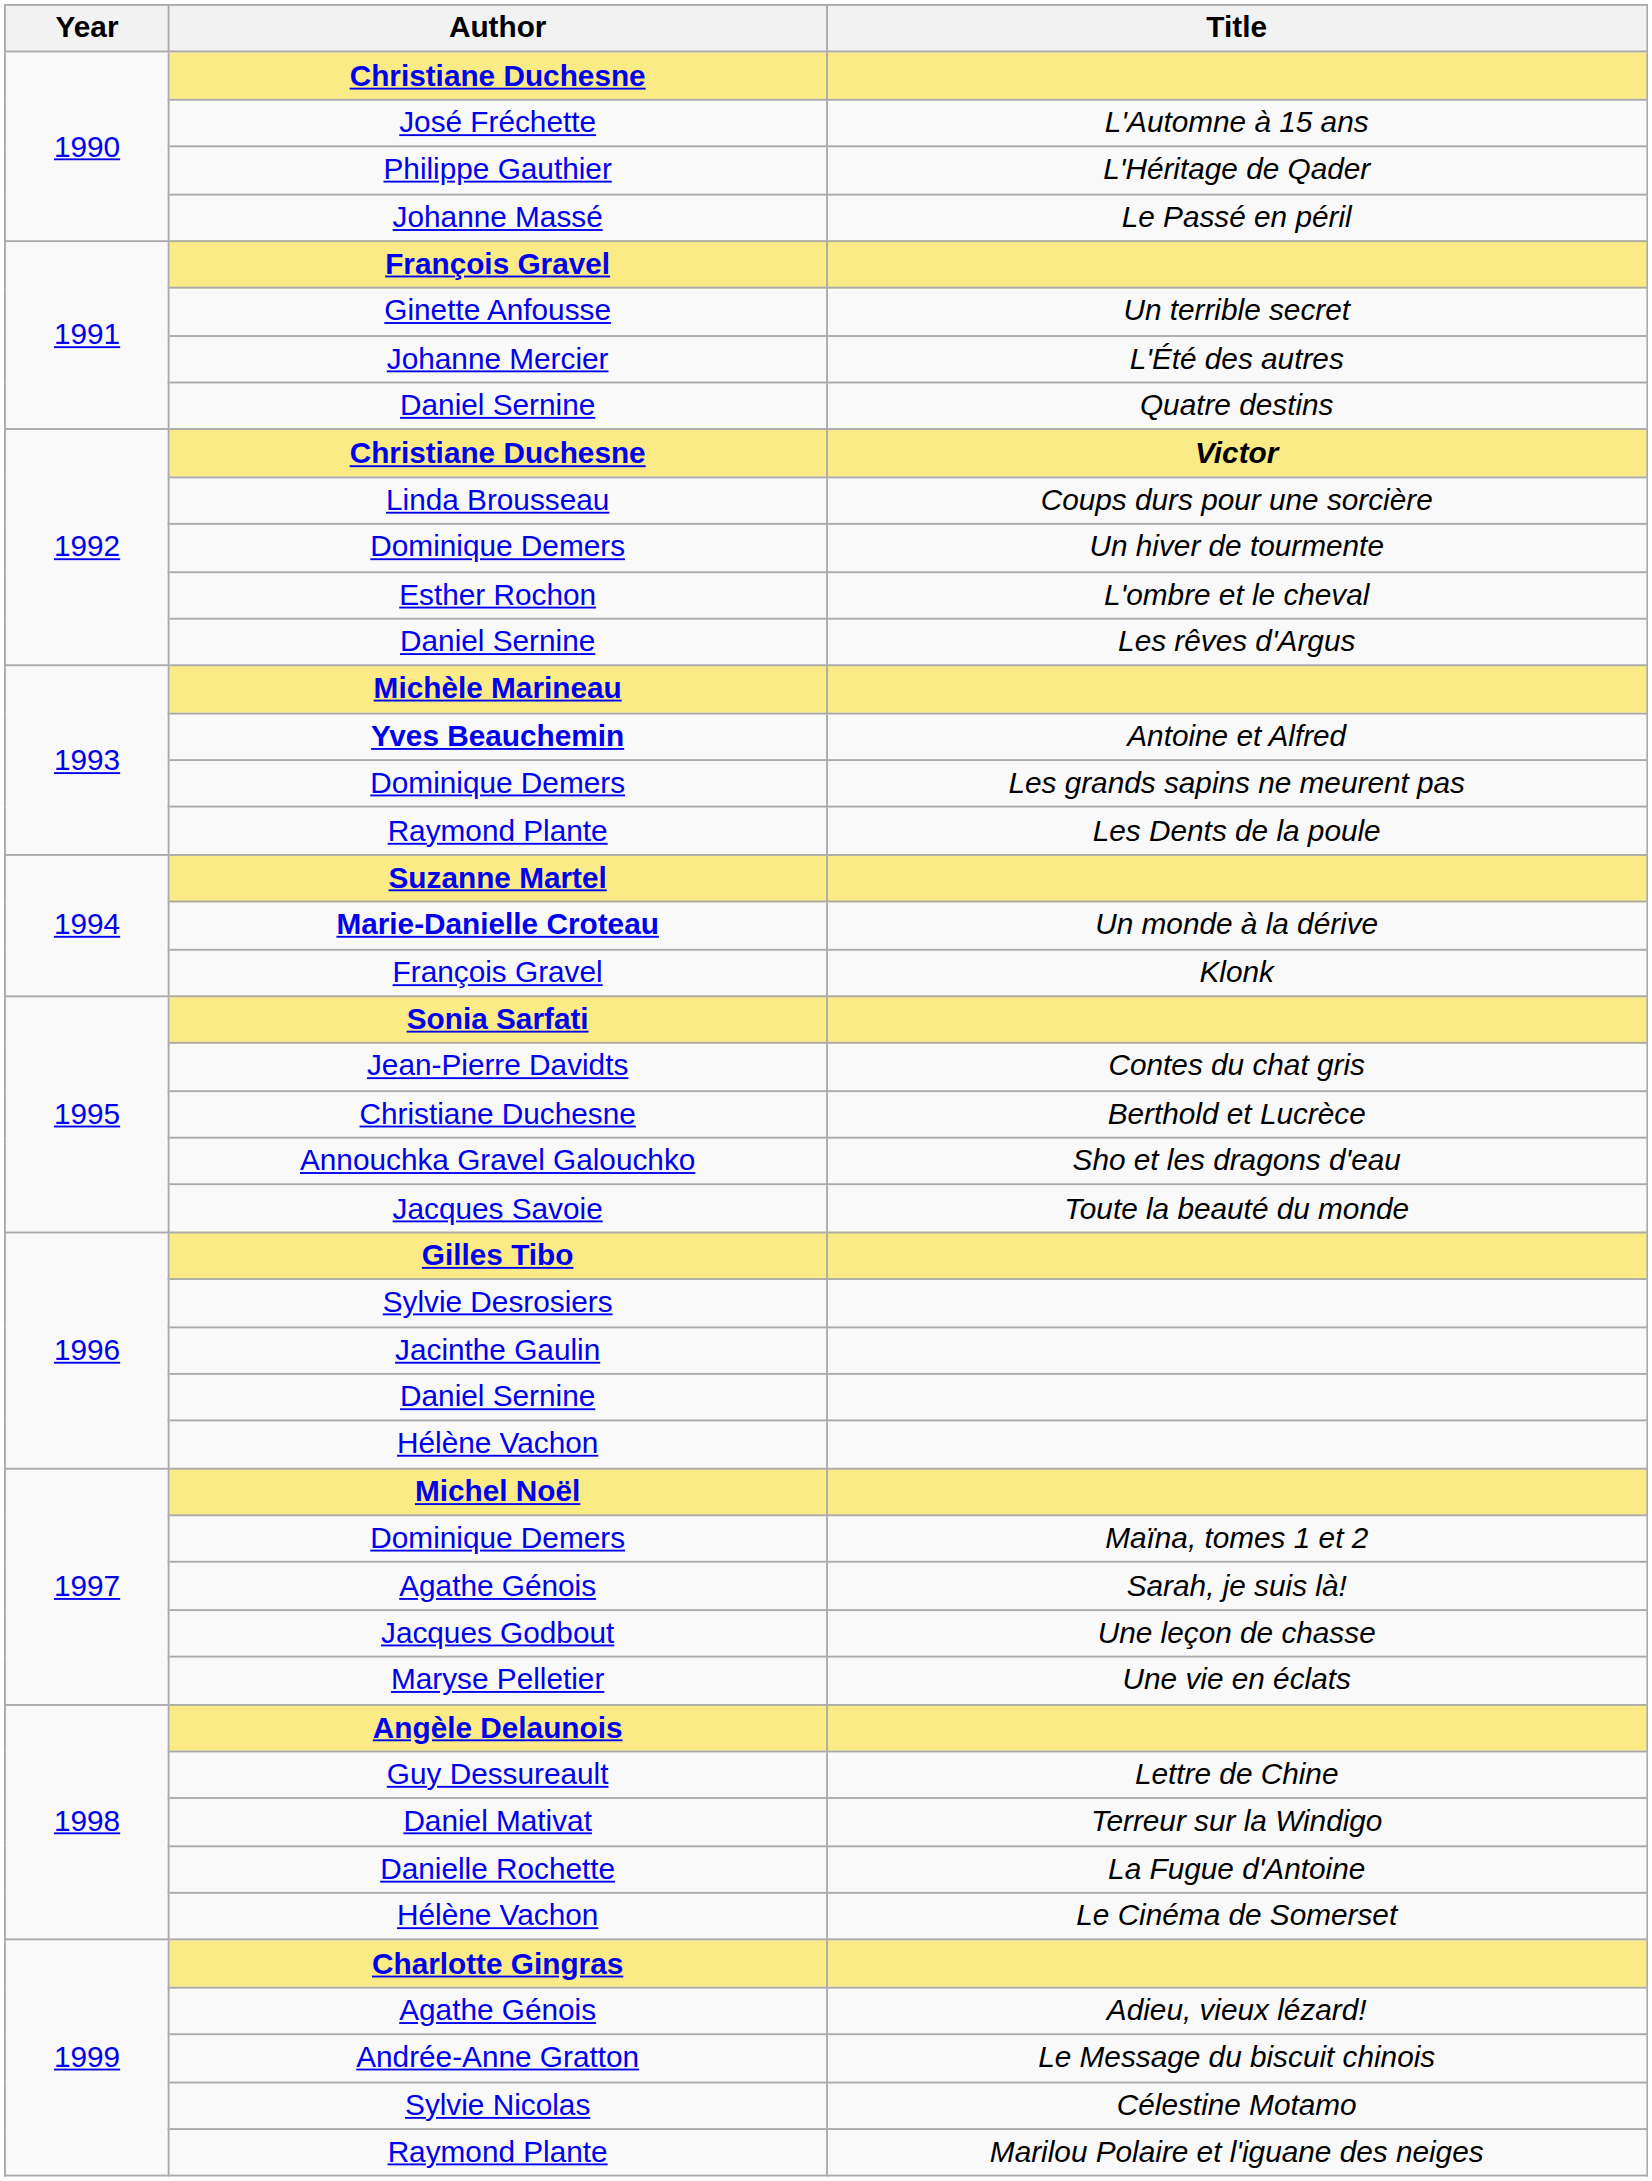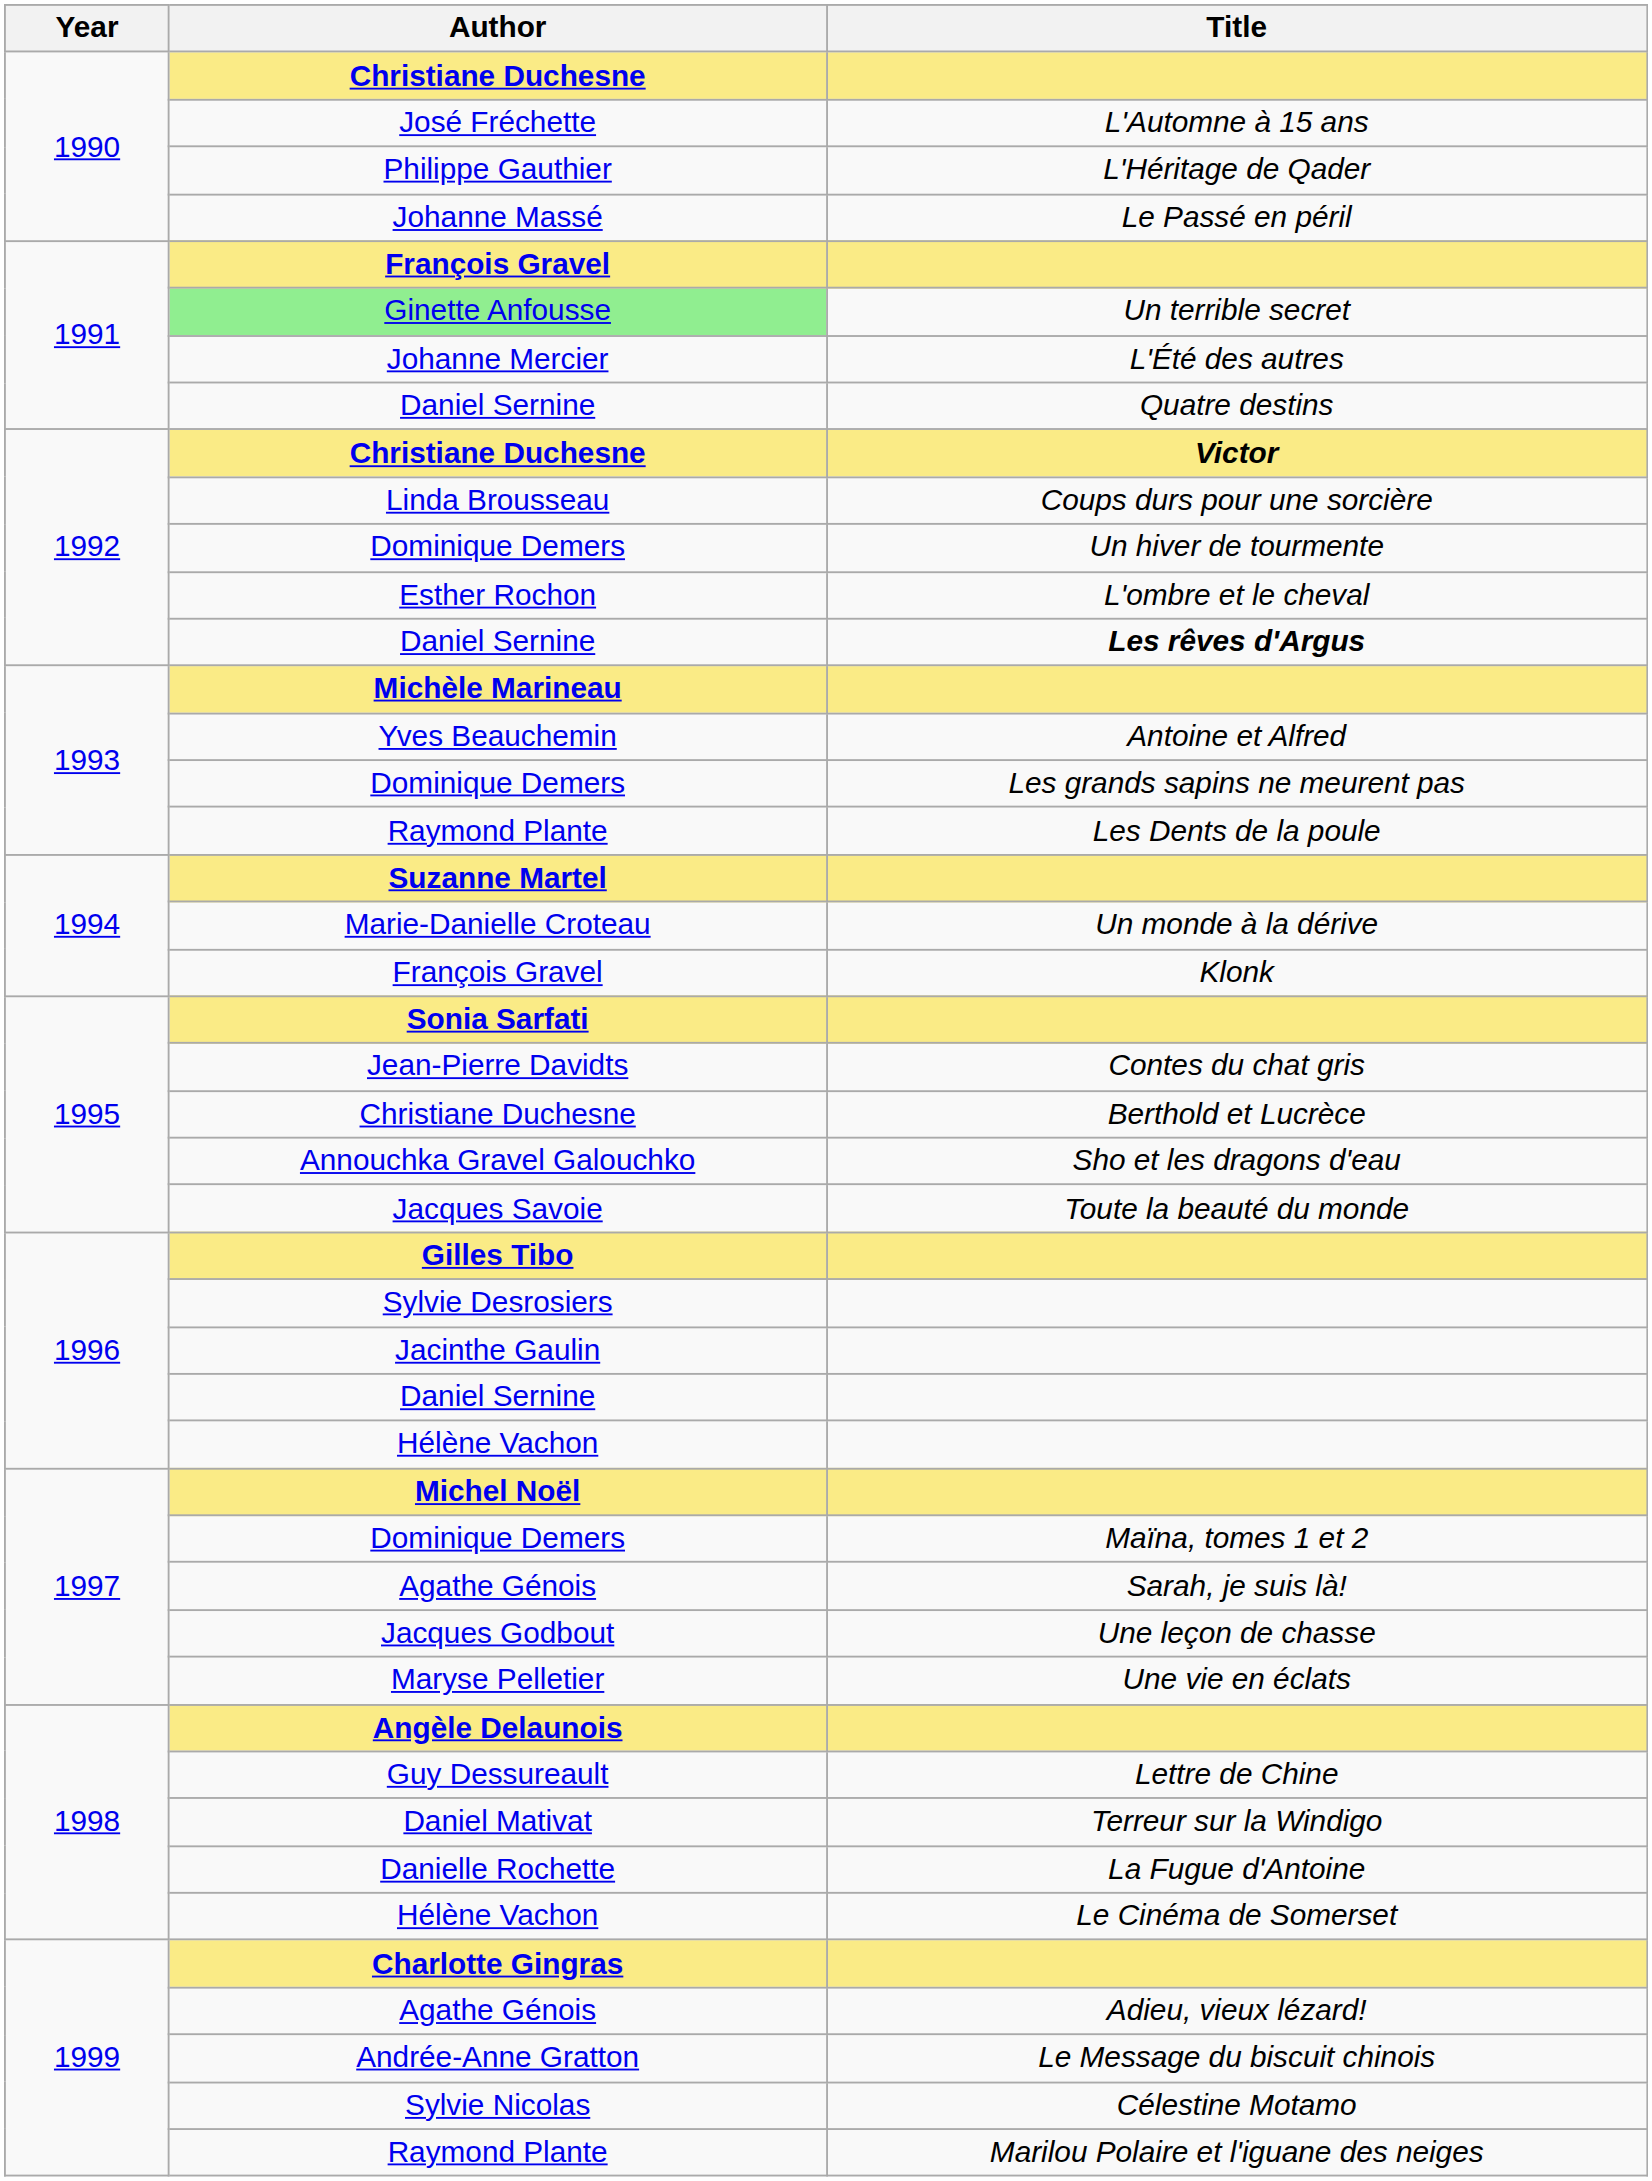 <table class="wikitable" width="100%">
 <tr>
 <th>Year</th>
 <th width="40%">Author</th>
 <th width="50%">Title</th>
 </tr>
 <tr>
 <td align="center" rowspan="4"><a href='#'>1990</a></td>
 <td align="center" style="background:#FAEB86"><strong><a href='#'>Christiane Duchesne</a></strong></td>
 <td align="center" style="background:#FAEB86"><strong><em></em></strong></td>
 </tr>
 <tr>
 <td align="center"><a href='#'>José Fréchette</a></td>
 <td align="center"><em>L'Automne à 15 ans</em></td>
 </tr>
 <tr>
 <td align="center"><a href='#'>Philippe Gauthier</a></td>
 <td align="center"><em>L'Héritage de Qader</em></td>
 </tr>
 <tr>
 <td align="center"><a href='#'>Johanne Massé</a></td>
 <td align="center"><em>Le Passé en péril</em></td>
 </tr>
 <tr>
 <td align="center" rowspan="4"><a href='#'>1991</a></td>
 <td align="center" style="background:#FAEB86"><strong><a href='#'>François Gravel</a></strong></td>
 <td align="center" style="background:#FAEB86"><strong><em></em></strong></td>
 </tr>
 <tr>
-<td align="center"><a href='#'>Ginette Anfousse</a></td>
+<td align="center" style="background: lightgreen;"><a href='#'>Ginette Anfousse</a></td>
 <td align="center"><em>Un terrible secret</em></td>
 </tr>
 <tr>
 <td align="center"><a href='#'>Johanne Mercier</a></td>
 <td align="center"><em>L'Été des autres</em></td>
 </tr>
 <tr>
 <td align="center"><a href='#'>Daniel Sernine</a></td>
 <td align="center"><em>Quatre destins</em></td>
 </tr>
 <tr>
 <td align="center" rowspan="5"><a href='#'>1992</a></td>
 <td align="center" style="background:#FAEB86"><strong><a href='#'>Christiane Duchesne</a></strong></td>
 <td align="center" style="background:#FAEB86"><strong><em>Victor</em></strong></td>
 </tr>
 <tr>
 <td align="center"><a href='#'>Linda Brousseau</a></td>
 <td align="center"><em>Coups durs pour une sorcière</em></td>
 </tr>
 <tr>
 <td align="center"><a href='#'>Dominique Demers</a></td>
 <td align="center"><em>Un hiver de tourmente</em></td>
 </tr>
 <tr>
 <td align="center"><a href='#'>Esther Rochon</a></td>
 <td align="center"><em>L'ombre et le cheval</em></td>
 </tr>
 <tr>
 <td align="center"><a href='#'>Daniel Sernine</a></td>
-<td align="center"><em>Les rêves d'Argus</em></td>
+<td align="center"><strong><em>Les rêves d'Argus</em></strong></td>
 </tr>
 <tr>
 <td align="center" rowspan="4"><a href='#'>1993</a></td>
 <td align="center" style="background:#FAEB86"><strong><a href='#'>Michèle Marineau</a></strong></td>
 <td align="center" style="background:#FAEB86"><strong><em></em></strong></td>
 </tr>
 <tr>
-<td align="center"><strong><a href='#'>Yves Beauchemin</a></strong></td>
+<td align="center"><a href='#'>Yves Beauchemin</a></td>
 <td align="center"><em>Antoine et Alfred</em></td>
 </tr>
 <tr>
 <td align="center"><a href='#'>Dominique Demers</a></td>
 <td align="center"><em>Les grands sapins ne meurent pas</em></td>
 </tr>
 <tr>
 <td align="center"><a href='#'>Raymond Plante</a></td>
 <td align="center"><em>Les Dents de la poule</em></td>
 </tr>
 <tr>
 <td align="center" rowspan="3"><a href='#'>1994</a></td>
 <td align="center" style="background:#FAEB86"><strong><a href='#'>Suzanne Martel</a></strong></td>
 <td align="center" style="background:#FAEB86"><strong><em></em></strong></td>
 </tr>
 <tr>
-<td align="center"><strong><a href='#'>Marie-Danielle Croteau</a></strong></td>
+<td align="center"><a href='#'>Marie-Danielle Croteau</a></td>
 <td align="center"><em>Un monde à la dérive</em></td>
 </tr>
 <tr>
 <td align="center"><a href='#'>François Gravel</a></td>
 <td align="center"><em>Klonk</em></td>
 </tr>
 <tr>
 <td align="center" rowspan="5"><a href='#'>1995</a></td>
 <td align="center" style="background:#FAEB86"><strong><a href='#'>Sonia Sarfati</a></strong></td>
 <td align="center" style="background:#FAEB86"><strong><em></em></strong></td>
 </tr>
 <tr>
 <td align="center"><a href='#'>Jean-Pierre Davidts</a></td>
 <td align="center"><em>Contes du chat gris</em></td>
 </tr>
 <tr>
 <td align="center"><a href='#'>Christiane Duchesne</a></td>
 <td align="center"><em>Berthold et Lucrèce</em></td>
 </tr>
 <tr>
 <td align="center"><a href='#'>Annouchka Gravel Galouchko</a></td>
 <td align="center"><em>Sho et les dragons d'eau</em></td>
 </tr>
 <tr>
 <td align="center"><a href='#'>Jacques Savoie</a></td>
 <td align="center"><em>Toute la beauté du monde</em></td>
 </tr>
 <tr>
 <td align="center" rowspan="5"><a href='#'>1996</a></td>
 <td align="center" style="background:#FAEB86"><strong><a href='#'>Gilles Tibo</a></strong></td>
 <td align="center" style="background:#FAEB86"><strong><em></em></strong></td>
 </tr>
 <tr>
 <td align="center"><a href='#'>Sylvie Desrosiers</a></td>
 <td align="center"><em></em></td>
 </tr>
 <tr>
 <td align="center"><a href='#'>Jacinthe Gaulin</a></td>
 <td align="center"><em></em></td>
 </tr>
 <tr>
 <td align="center"><a href='#'>Daniel Sernine</a></td>
 <td align="center"><em></em></td>
 </tr>
 <tr>
 <td align="center"><a href='#'>Hélène Vachon</a></td>
 <td align="center"><em></em></td>
 </tr>
 <tr>
 <td align="center" rowspan="5"><a href='#'>1997</a></td>
 <td align="center" style="background:#FAEB86"><strong><a href='#'>Michel Noël</a></strong></td>
 <td align="center" style="background:#FAEB86"><strong><em></em></strong></td>
 </tr>
 <tr>
 <td align="center"><a href='#'>Dominique Demers</a></td>
 <td align="center"><em>Maïna, tomes 1 et 2</em></td>
 </tr>
 <tr>
 <td align="center"><a href='#'>Agathe Génois</a></td>
 <td align="center"><em>Sarah, je suis là!</em></td>
 </tr>
 <tr>
 <td align="center"><a href='#'>Jacques Godbout</a></td>
 <td align="center"><em>Une leçon de chasse</em></td>
 </tr>
 <tr>
 <td align="center"><a href='#'>Maryse Pelletier</a></td>
 <td align="center"><em>Une vie en éclats</em></td>
 </tr>
 <tr>
 <td align="center" rowspan="5"><a href='#'>1998</a></td>
 <td align="center" style="background:#FAEB86"><strong><a href='#'>Angèle Delaunois</a></strong></td>
 <td align="center" style="background:#FAEB86"><strong><em></em></strong></td>
 </tr>
 <tr>
 <td align="center"><a href='#'>Guy Dessureault</a></td>
 <td align="center"><em>Lettre de Chine</em></td>
 </tr>
 <tr>
 <td align="center"><a href='#'>Daniel Mativat</a></td>
 <td align="center"><em>Terreur sur la Windigo</em></td>
 </tr>
 <tr>
 <td align="center"><a href='#'>Danielle Rochette</a></td>
 <td align="center"><em>La Fugue d'Antoine</em></td>
 </tr>
 <tr>
 <td align="center"><a href='#'>Hélène Vachon</a></td>
 <td align="center"><em>Le Cinéma de Somerset</em></td>
 </tr>
 <tr>
 <td align="center" rowspan="5"><a href='#'>1999</a></td>
 <td align="center" style="background:#FAEB86"><strong><a href='#'>Charlotte Gingras</a></strong></td>
 <td align="center" style="background:#FAEB86"><strong><em></em></strong></td>
 </tr>
 <tr>
 <td align="center"><a href='#'>Agathe Génois</a></td>
 <td align="center"><em>Adieu, vieux lézard!</em></td>
 </tr>
 <tr>
 <td align="center"><a href='#'>Andrée-Anne Gratton</a></td>
 <td align="center"><em>Le Message du biscuit chinois</em></td>
 </tr>
 <tr>
 <td align="center"><a href='#'>Sylvie Nicolas</a></td>
 <td align="center"><em>Célestine Motamo</em></td>
 </tr>
 <tr>
 <td align="center"><a href='#'>Raymond Plante</a></td>
 <td align="center"><em>Marilou Polaire et l'iguane des neiges</em></td>
 </tr>
 </table>
